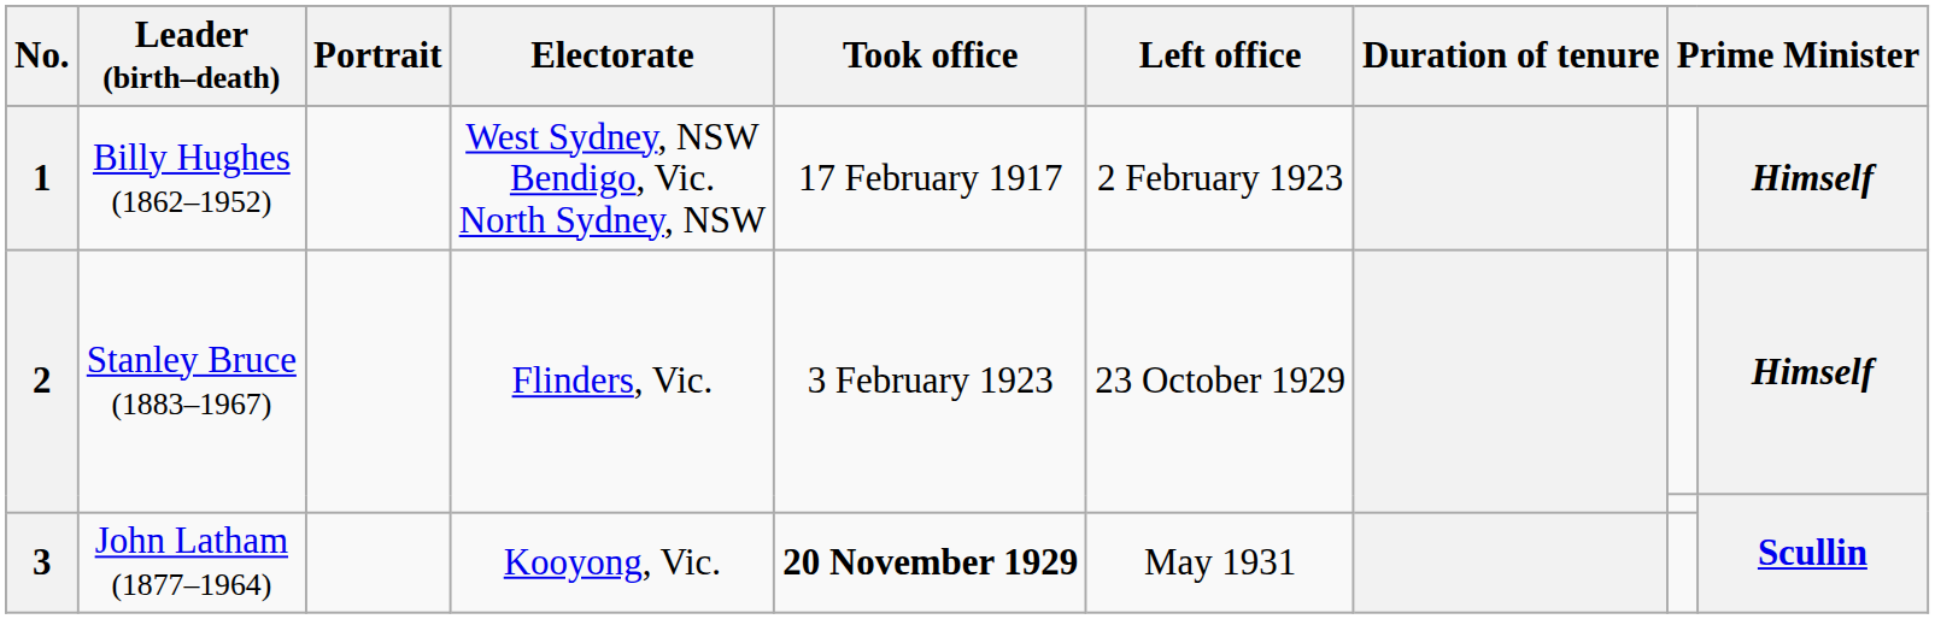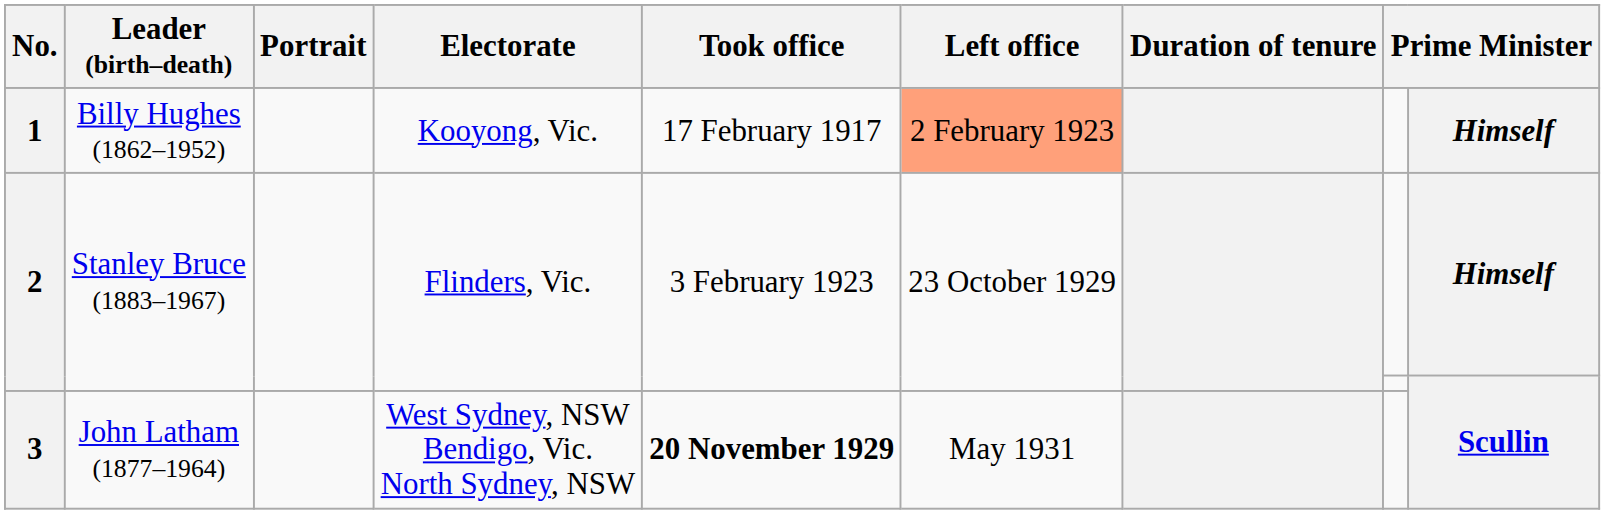 <table class="wikitable" style="text-align:center">
 <tr>
 <th>No.</th>
 <th>Leader<br><small>(birth–death)</small></th>
 <th>Portrait</th>
 <th>Electorate</th>
 <th>Took office</th>
 <th>Left office</th>
 <th>Duration of tenure</th>
 <th colspan="2">Prime Minister </th>
 </tr>
 <tr>
 <th>1</th>
 <td><a href='#'>Billy Hughes</a><br><small>(1862–1952)</small></td>
 <td></td>
-<td><a href='#'>West Sydney</a>, NSW<br><a href='#'>Bendigo</a>, Vic.<br><a href='#'>North Sydney</a>, NSW</td>
+<td><a href='#'>Kooyong</a>, Vic.</td>
 <td>17 February 1917</td>
-<td>2 February 1923</td>
+<td style="background: lightsalmon;">2 February 1923</td>
 <th style="font-size:90%; font-weight:normal"></th>
 <td style="background-color: "></td>
 <th style="font-weight:normal"><strong><em>Himself</em></strong> <br><small></small></th>
 </tr>
 <tr>
 <th rowspan="2">2</th>
 <td rowspan="2"><a href='#'>Stanley Bruce</a><br><small>(1883–1967)</small></td>
 <td rowspan="2"></td>
 <td rowspan="2"><a href='#'>Flinders</a>, Vic.</td>
 <td rowspan="2">3 February 1923</td>
 <td rowspan="2">23 October 1929</td>
 <th rowspan="2" style="font-size:90%; font-weight:normal"></th>
 <td height=98 style="background-color: "></td>
 <th style="font-weight:normal"><strong><em>Himself</em></strong> <br><small></small></th>
 </tr>
 <tr>
 <td style="background-color: "></td>
 <th style="font-weight:normal" rowspan="2"><strong><a href='#'>Scullin</a></strong> <br><small></small></th>
 </tr>
 <tr>
 <th>3</th>
 <td><a href='#'>John Latham</a><br><small>(1877–1964)</small></td>
 <td></td>
-<td><a href='#'>Kooyong</a>, Vic.</td>
+<td><a href='#'>West Sydney</a>, NSW<br><a href='#'>Bendigo</a>, Vic.<br><a href='#'>North Sydney</a>, NSW</td>
 <td><strong>20 November 1929</strong></td>
 <td>May 1931</td>
 <th style="font-size:90%; font-weight:normal"></th>
 <td style="background-color: "></td>
 </tr>
 </table>
